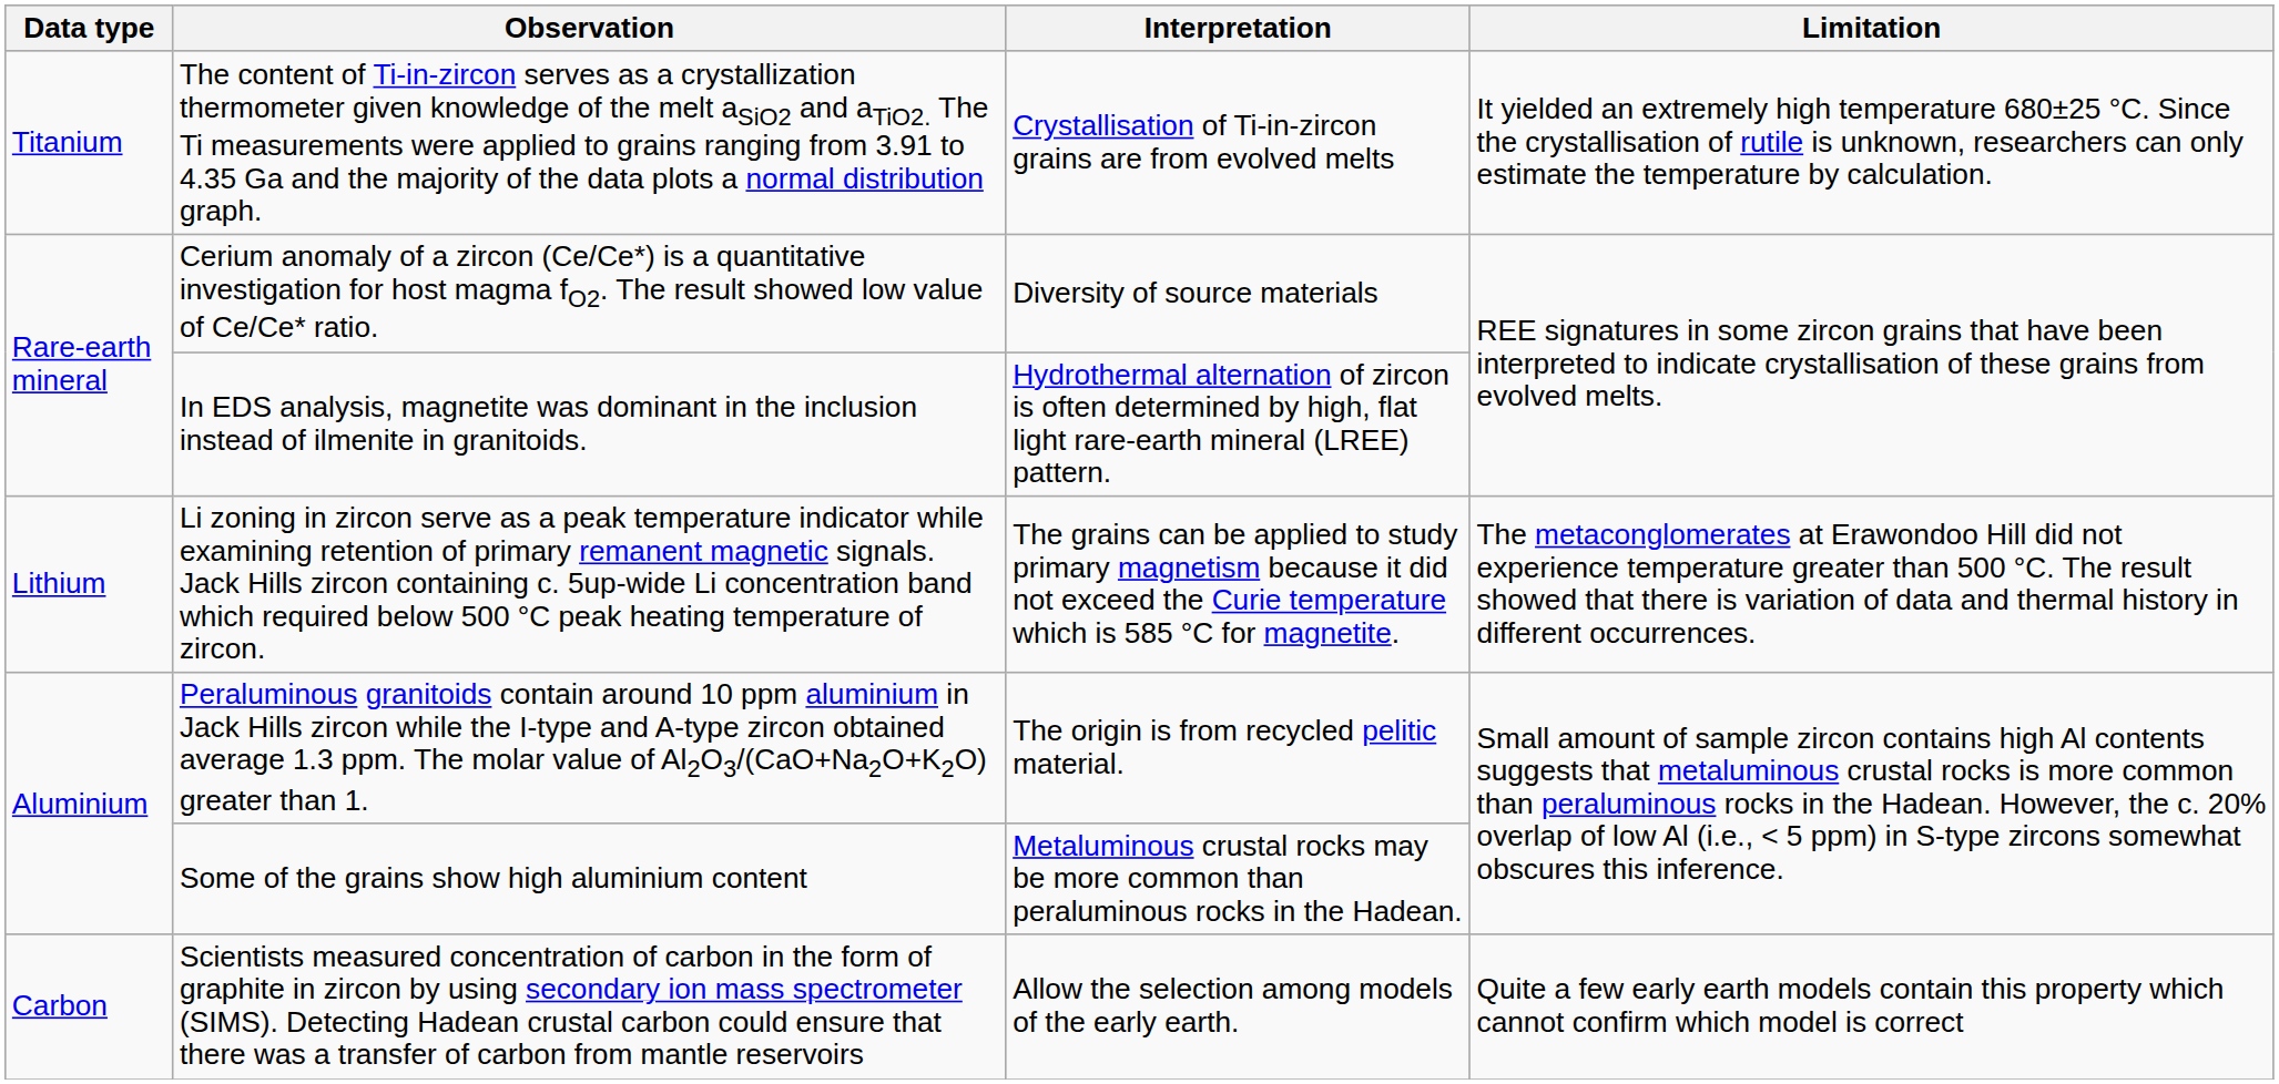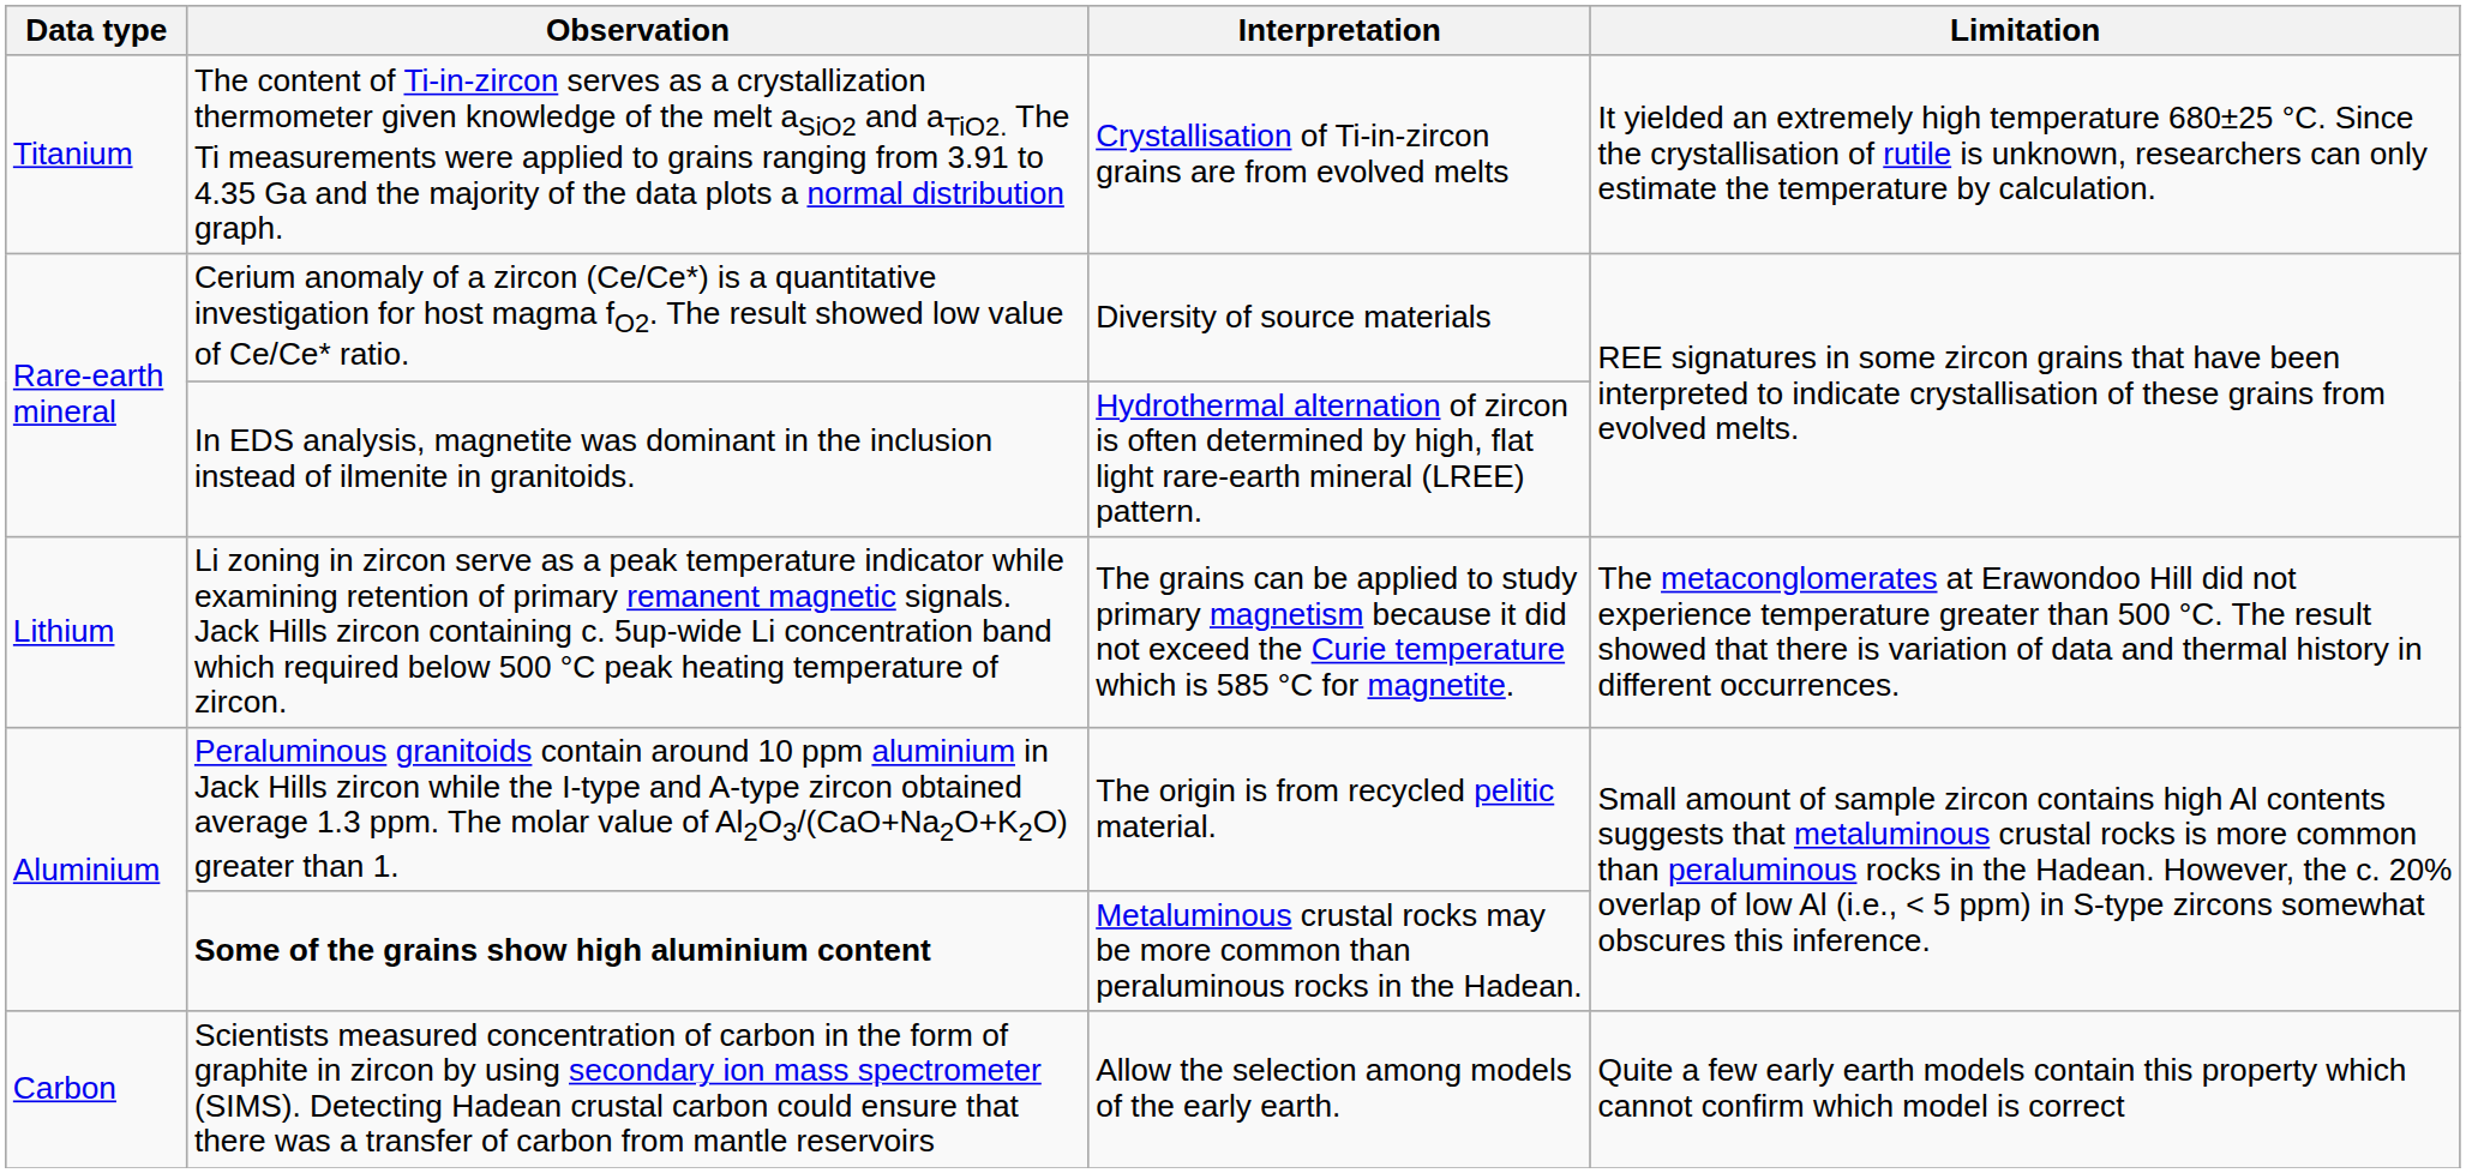 <table class="wikitable">
 <tr>
 <th>Data type</th>
 <th>Observation</th>
 <th>Interpretation</th>
 <th>Limitation</th>
 </tr>
 <tr>
 <td><a href='#'>Titanium</a></td>
 <td>The content of <a href='#'>Ti-in-zircon</a> serves as a crystallization thermometer given knowledge of the melt a<sub>SiO2</sub> and a<sub>TiO2.</sub> The Ti measurements were applied to grains ranging from 3.91 to 4.35 Ga and the majority of the data plots a <a href='#'>normal distribution</a> graph.</td>
 <td><a href='#'>Crystallisation</a> of Ti-in-zircon grains are from evolved melts</td>
 <td>It yielded an extremely high temperature 680±25 °C. Since the crystallisation of <a href='#'>rutile</a> is unknown, researchers can only estimate the temperature by calculation.</td>
 </tr>
 <tr>
 <td rowspan="2"><a href='#'>Rare-earth mineral</a></td>
 <td>Cerium anomaly of a zircon (Ce/Ce*) is a quantitative investigation for host magma f<sub>O2</sub>. The result showed low value of Ce/Ce* ratio.</td>
 <td>Diversity of source materials</td>
 <td rowspan="2">REE signatures in some zircon grains that have been interpreted to indicate crystallisation of these grains from evolved melts.</td>
 </tr>
 <tr>
 <td>In EDS analysis, magnetite was dominant in the inclusion instead of ilmenite in granitoids.</td>
 <td><a href='#'>Hydrothermal alternation</a> of zircon is often determined by high, flat light rare-earth mineral (LREE) pattern.</td>
 </tr>
 <tr>
 <td><a href='#'>Lithium</a></td>
 <td>Li zoning in zircon serve as a peak temperature indicator while examining retention of primary <a href='#'>remanent magnetic</a> signals. Jack Hills zircon containing c. 5up-wide Li concentration band which required below 500 °C peak heating temperature of zircon.</td>
 <td>The grains can be applied to study primary <a href='#'>magnetism</a> because it did not exceed the <a href='#'>Curie temperature</a> which is 585 °C for <a href='#'>magnetite</a>.</td>
 <td>The <a href='#'>metaconglomerates</a> at Erawondoo Hill did not experience temperature greater than 500 °C. The result showed that there is variation of data and thermal history in different occurrences.</td>
 </tr>
 <tr>
 <td rowspan="2"><a href='#'>Aluminium</a></td>
 <td><a href='#'>Peraluminous</a> <a href='#'>granitoids</a> contain around 10 ppm <a href='#'>aluminium</a> in Jack Hills zircon while the I-type and A-type zircon obtained average 1.3 ppm. The molar value of Al<sub>2</sub>O<sub>3</sub>/(CaO+Na<sub>2</sub>O+K<sub>2</sub>O) greater than 1.</td>
 <td>The origin is from recycled <a href='#'>pelitic</a> material.</td>
 <td rowspan="2">Small amount of sample zircon contains high Al contents suggests that <a href='#'>metaluminous</a> crustal rocks is more common than <a href='#'>peraluminous</a> rocks in the Hadean. However, the c. 20% overlap of low Al (i.e., < 5 ppm) in S-type zircons somewhat obscures this inference.</td>
 </tr>
 <tr>
-<td>Some of the grains show high aluminium content</td>
+<td><strong>Some of the grains show high aluminium content</strong></td>
 <td><a href='#'>Metaluminous</a> crustal rocks may be more common than peraluminous rocks in the Hadean.</td>
 </tr>
 <tr>
 <td><a href='#'>Carbon</a></td>
 <td>Scientists measured concentration of carbon in the form of graphite in zircon by using <a href='#'>secondary ion mass spectrometer</a> (SIMS). Detecting Hadean crustal carbon could ensure that there was a transfer of carbon from mantle reservoirs</td>
 <td>Allow the selection among models of the early earth.</td>
 <td>Quite a few early earth models contain this property which cannot confirm which model is correct</td>
 </tr>
 </table>
